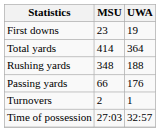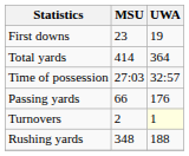 <table class="wikitable">
 <tr>
 <th>Statistics</th>
 <th>MSU</th>
 <th>UWA</th>
 </tr>
 <tr>
 <td>First downs</td>
 <td>23</td>
 <td>19</td>
 </tr>
 <tr>
 <td>Total yards</td>
 <td>414</td>
 <td>364</td>
 </tr>
 <tr>
-<td>Rushing yards</td>
-<td>348</td>
-<td>188</td>
+<td>Time of possession</td>
+<td>27:03</td>
+<td>32:57</td>
 </tr>
 <tr>
 <td>Passing yards</td>
 <td>66</td>
 <td>176</td>
 </tr>
 <tr>
 <td>Turnovers</td>
 <td>2</td>
-<td>1</td>
+<td style="background: lightyellow;">1</td>
 </tr>
 <tr>
-<td>Time of possession</td>
-<td>27:03</td>
-<td>32:57</td>
+<td>Rushing yards</td>
+<td>348</td>
+<td>188</td>
 </tr>
 <tr>
 </tr>
 </table>
